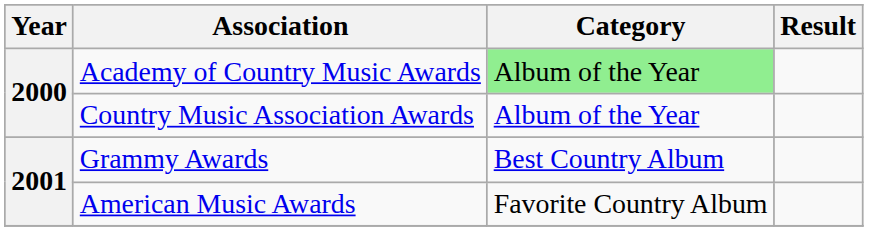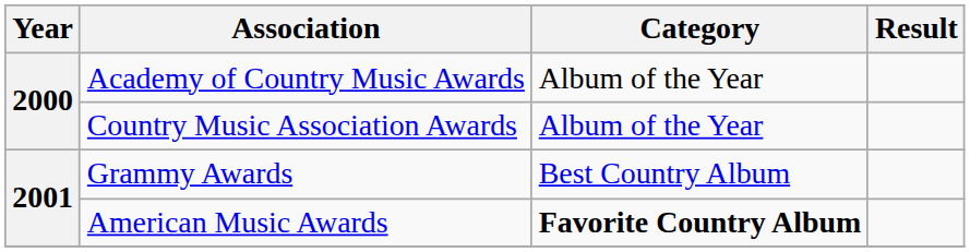 <table class="wikitable">
 <tr>
 <th>Year</th>
 <th>Association</th>
 <th>Category</th>
 <th>Result</th>
 </tr>
 <tr>
 <th rowspan=2>2000</th>
 <td><a href='#'>Academy of Country Music Awards</a></td>
-<td style="background: lightgreen;">Album of the Year</td>
+<td>Album of the Year</td>
 <td></td>
 </tr>
 <tr>
 <td><a href='#'>Country Music Association Awards</a></td>
 <td><a href='#'>Album of the Year</a></td>
 <td></td>
 </tr>
 <tr>
 <th rowspan=2>2001</th>
 <td><a href='#'>Grammy Awards</a></td>
 <td><a href='#'>Best Country Album</a></td>
 <td></td>
 </tr>
 <tr>
 <td><a href='#'>American Music Awards</a></td>
-<td>Favorite Country Album</td>
+<td><strong>Favorite Country Album</strong></td>
 <td></td>
 </tr>
 <tr>
 </tr>
 </table>
